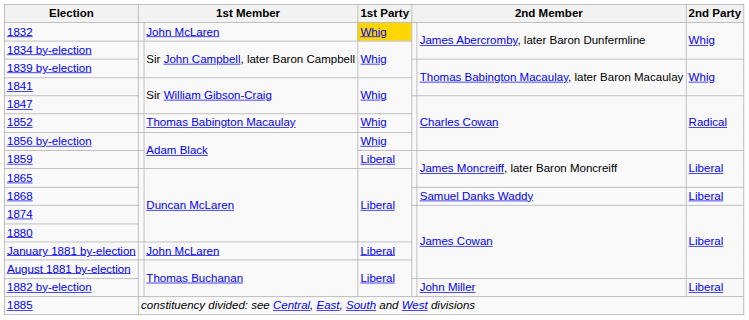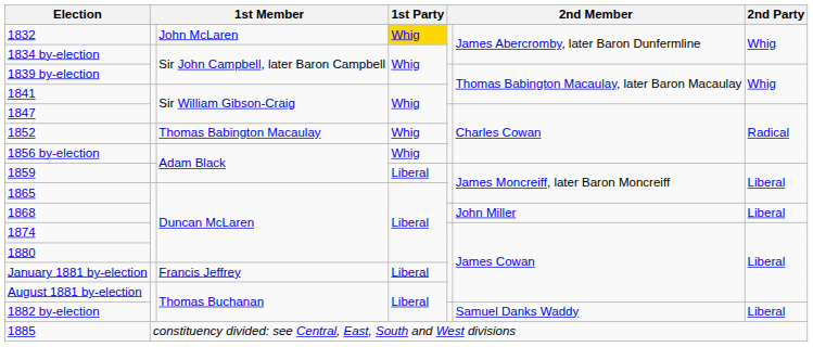 <table class="wikitable">
 <tr>
 <th>Election</th>
 <th colspan="2">1st Member</th>
 <th>1st Party</th>
 <th colspan="2">2nd Member</th>
 <th>2nd Party</th>
 </tr>
 <tr>
 <td><a href='#'>1832</a></td>
 <td style="color:inherit;background-color: "></td>
 <td><a href='#'>John McLaren</a></td>
 <td style="background: gold;"><a href='#'>Whig</a></td>
 <td rowspan="2" style="color:inherit;background-color: "></td>
 <td rowspan="2"><a href='#'>James Abercromby</a>, later Baron Dunfermline</td>
 <td rowspan="2"><a href='#'>Whig</a></td>
 </tr>
 <tr>
 <td><a href='#'>1834 by-election</a></td>
 <td rowspan="2" style="color:inherit;background-color: "></td>
 <td rowspan="2">Sir <a href='#'>John Campbell</a>, later Baron Campbell</td>
 <td rowspan="2"><a href='#'>Whig</a></td>
 </tr>
 <tr>
 <td><a href='#'>1839 by-election</a></td>
 <td rowspan="2" style="color:inherit;background-color: "></td>
 <td rowspan="2"><a href='#'>Thomas Babington Macaulay</a>, later Baron Macaulay</td>
 <td rowspan="2"><a href='#'>Whig</a></td>
 </tr>
 <tr>
 <td><a href='#'>1841</a></td>
 <td rowspan="2" style="color:inherit;background-color: "></td>
 <td rowspan="2">Sir <a href='#'>William Gibson-Craig</a></td>
 <td rowspan="2"><a href='#'>Whig</a></td>
 </tr>
 <tr>
 <td><a href='#'>1847</a></td>
 <td rowspan="3" style="color:inherit;background-color: "></td>
 <td rowspan="3"><a href='#'>Charles Cowan</a></td>
 <td rowspan="3"><a href='#'>Radical</a></td>
 </tr>
 <tr>
 <td><a href='#'>1852</a></td>
 <td style="color:inherit;background-color: "></td>
 <td><a href='#'>Thomas Babington Macaulay</a></td>
 <td><a href='#'>Whig</a></td>
 </tr>
 <tr>
 <td><a href='#'>1856 by-election</a></td>
 <td style="color:inherit;background-color: "></td>
 <td rowspan="2"><a href='#'>Adam Black</a></td>
 <td><a href='#'>Whig</a></td>
 </tr>
 <tr>
 <td><a href='#'>1859</a></td>
 <td style="color:inherit;background-color: "></td>
 <td><a href='#'>Liberal</a></td>
 <td rowspan="2" style="color:inherit;background-color: "></td>
 <td rowspan="2"><a href='#'>James Moncreiff</a>, later Baron Moncreiff</td>
 <td rowspan="2"><a href='#'>Liberal</a></td>
 </tr>
 <tr>
 <td><a href='#'>1865</a></td>
 <td rowspan="4" style="color:inherit;background-color: "></td>
 <td rowspan="4"><a href='#'>Duncan McLaren</a></td>
 <td rowspan="4"><a href='#'>Liberal</a></td>
 </tr>
 <tr>
 <td><a href='#'>1868</a></td>
 <td style="color:inherit;background-color: "></td>
-<td><a href='#'>Samuel Danks Waddy</a></td>
+<td><a href='#'>John Miller</a></td>
 <td><a href='#'>Liberal</a></td>
 </tr>
 <tr>
 <td><a href='#'>1874</a></td>
 <td rowspan="4" style="color:inherit;background-color: "></td>
 <td rowspan="4"><a href='#'>James Cowan</a></td>
 <td rowspan="4"><a href='#'>Liberal</a></td>
 </tr>
 <tr>
 <td><a href='#'>1880</a></td>
 </tr>
 <tr>
 <td><a href='#'>January 1881 by-election</a></td>
 <td style="color:inherit;background-color: "></td>
-<td><a href='#'>John McLaren</a></td>
+<td><a href='#'>Francis Jeffrey</a></td>
 <td><a href='#'>Liberal</a></td>
 </tr>
 <tr>
 <td><a href='#'>August 1881 by-election</a></td>
 <td rowspan="2" style="color:inherit;background-color: "></td>
 <td rowspan="2"><a href='#'>Thomas Buchanan</a></td>
 <td rowspan="2"><a href='#'>Liberal</a></td>
 </tr>
 <tr>
 <td><a href='#'>1882 by-election</a></td>
 <td style="color:inherit;background-color: "></td>
-<td><a href='#'>John Miller</a></td>
+<td><a href='#'>Samuel Danks Waddy</a></td>
 <td><a href='#'>Liberal</a></td>
 </tr>
 <tr>
 <td><a href='#'>1885</a></td>
 <td colspan="6"><em>constituency divided: see <a href='#'>Central</a>, <a href='#'>East</a>, <a href='#'>South</a> and <a href='#'>West</a> divisions</em></td>
 </tr>
 </table>
